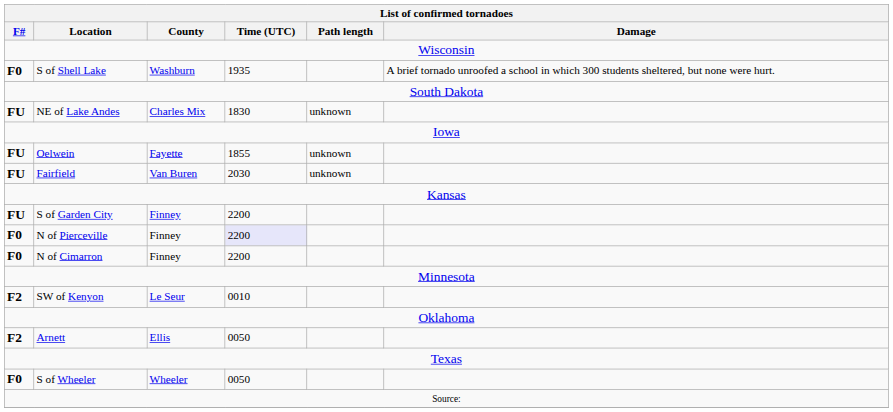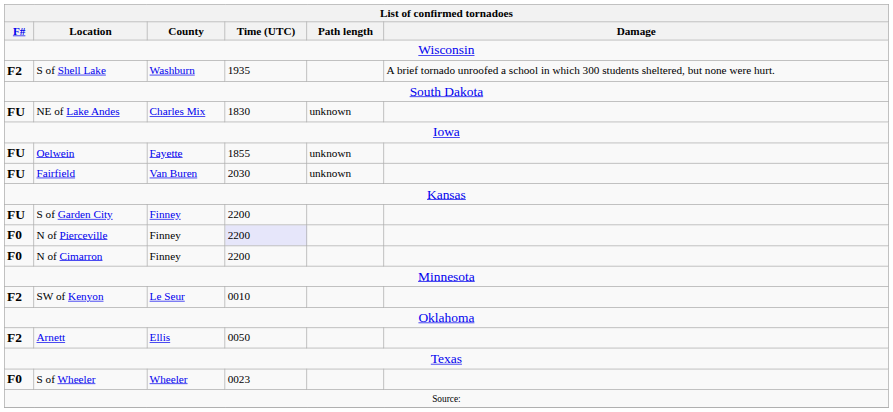 <table class="wikitable collapsible" style="width:100%;">
 <tr>
 <th colspan="6">List of confirmed tornadoes</th>
 </tr>
 <tr>
 <th><a href='#'>F#</a></th>
 <th>Location</th>
 <th>County</th>
 <th>Time (UTC)</th>
 <th>Path length</th>
 <th>Damage</th>
 </tr>
 <tr>
 <td colspan="7" style="text-align:center;"><big><a href='#'>Wisconsin</a></big></td>
 </tr>
 <tr>
-<td><big><strong>F0</strong></big></td>
+<td><big><strong>F2</strong></big></td>
 <td>S of <a href='#'>Shell Lake</a></td>
 <td><a href='#'>Washburn</a></td>
 <td>1935</td>
 <td></td>
 <td>A brief tornado unroofed a school in which 300 students sheltered, but none were hurt.</td>
 </tr>
 <tr>
 <td colspan="7" style="text-align:center;"><big><a href='#'>South Dakota</a></big></td>
 </tr>
 <tr>
 <td><big><strong>FU</strong></big></td>
 <td>NE of <a href='#'>Lake Andes</a></td>
 <td><a href='#'>Charles Mix</a></td>
 <td>1830</td>
 <td>unknown</td>
 <td></td>
 </tr>
 <tr>
 <td colspan="7" style="text-align:center;"><big><a href='#'>Iowa</a></big></td>
 </tr>
 <tr>
 <td><big><strong>FU</strong></big></td>
 <td><a href='#'>Oelwein</a></td>
 <td><a href='#'>Fayette</a></td>
 <td>1855</td>
 <td>unknown</td>
 <td></td>
 </tr>
 <tr>
 <td><big><strong>FU</strong></big></td>
 <td><a href='#'>Fairfield</a></td>
 <td><a href='#'>Van Buren</a></td>
 <td>2030</td>
 <td>unknown</td>
 <td></td>
 </tr>
 <tr>
 <td colspan="7" style="text-align:center;"><big><a href='#'>Kansas</a></big></td>
 </tr>
 <tr>
 <td><big><strong>FU</strong></big></td>
 <td>S of <a href='#'>Garden City</a></td>
 <td><a href='#'>Finney</a></td>
 <td>2200</td>
 <td></td>
 <td></td>
 </tr>
 <tr>
 <td><big><strong>F0</strong></big></td>
 <td>N of <a href='#'>Pierceville</a></td>
 <td>Finney</td>
 <td style="background: lavender;">2200</td>
 <td></td>
 <td></td>
 </tr>
 <tr>
 <td><big><strong>F0</strong></big></td>
 <td>N of <a href='#'>Cimarron</a></td>
 <td>Finney</td>
 <td>2200</td>
 <td></td>
 <td></td>
 </tr>
 <tr>
 <td colspan="7" style="text-align:center;"><big><a href='#'>Minnesota</a></big></td>
 </tr>
 <tr>
 <td><big><strong>F2</strong></big></td>
 <td>SW of <a href='#'>Kenyon</a></td>
 <td><a href='#'>Le Seur</a></td>
 <td>0010</td>
 <td></td>
 <td></td>
 </tr>
 <tr>
 <td colspan="7" style="text-align:center;"><big><a href='#'>Oklahoma</a></big></td>
 </tr>
 <tr>
 <td><big><strong>F2</strong></big></td>
 <td><a href='#'>Arnett</a></td>
 <td><a href='#'>Ellis</a></td>
 <td>0050</td>
 <td></td>
 <td></td>
 </tr>
 <tr>
 <td colspan="7" style="text-align:center;"><big><a href='#'>Texas</a></big></td>
 </tr>
 <tr>
 <td><big><strong>F0</strong></big></td>
 <td>S of <a href='#'>Wheeler</a></td>
 <td><a href='#'>Wheeler</a></td>
-<td>0050</td>
+<td>0023</td>
 <td></td>
 <td></td>
 </tr>
 <tr>
 <td colspan="7" align=center><small>Source: </small></td>
 </tr>
 <tr>
 </tr>
 </table>
